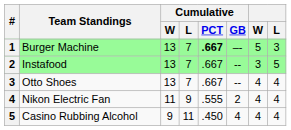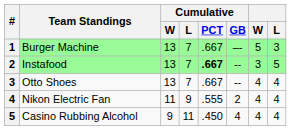 <table class="wikitable" style="text-align:center">
 <tr>
 <th width=15 rowspan=2>#</th>
 <th rowspan=2 width=200>Team Standings</th>
 <th colspan=4>Cumulative</th>
 <th colspan=2></th>
 </tr>
 <tr>
 <th width=20>W</th>
 <th width=20>L</th>
 <th width=35><a href='#'>PCT</a></th>
 <th width=25><a href='#'>GB</a></th>
 <th width=20>W</th>
 <th width=20>L</th>
 </tr>
 <tr bgcolor="#98fb98">
 <th>1</th>
 <td align=left>Burger Machine</td>
 <td>13</td>
 <td>7</td>
-<td><strong>.667</strong></td>
+<td>.667</td>
 <td>–-</td>
 <td>5</td>
 <td>3</td>
 </tr>
 <tr align=center bgcolor="#98fb98">
 <th>2</th>
 <td align=left>Instafood</td>
 <td>13</td>
 <td>7</td>
-<td>.667</td>
+<td><strong>.667</strong></td>
 <td>--</td>
 <td>3</td>
 <td>5</td>
 </tr>
 <tr align=center bgcolor=>
 <th>3</th>
 <td align=left>Otto Shoes</td>
 <td>13</td>
 <td>7</td>
 <td>.667</td>
 <td>--</td>
 <td>4</td>
 <td>4</td>
 </tr>
 <tr align=center bgcolor=>
 <th>4</th>
 <td align=left>Nikon Electric Fan</td>
 <td>11</td>
 <td>9</td>
 <td>.555</td>
 <td>2</td>
 <td>4</td>
 <td>4</td>
 </tr>
 <tr align=center bgcolor=>
 <th>5</th>
 <td align=left>Casino Rubbing Alcohol</td>
 <td>9</td>
 <td>11</td>
 <td>.450</td>
 <td>4</td>
 <td>4</td>
 <td>4</td>
 </tr>
 </table>
